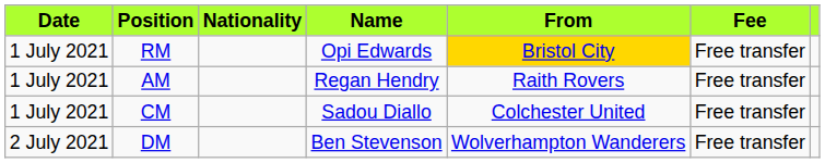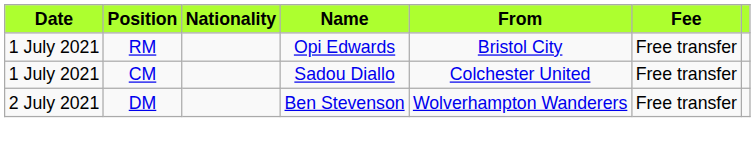 <table class="wikitable"  style="text-align:center; font-size:90%; ">
 <tr>
 <th style="background:#ADFF2F;color:black;">Date</th>
 <th style="background:#ADFF2F;color:black;">Position</th>
 <th style="background:#ADFF2F;color:black;">Nationality</th>
 <th style="background:#ADFF2F;color:black;">Name</th>
 <th style="background:#ADFF2F;color:black;">From</th>
 <th style="background:#ADFF2F;color:black;">Fee</th>
 <th style="background:#ADFF2F;color:black;"></th>
 </tr>
 <tr>
 <td>1 July 2021</td>
 <td><a href='#'>RM</a></td>
 <td></td>
 <td><a href='#'>Opi Edwards</a></td>
-<td style="background: gold;"> <a href='#'>Bristol City</a></td>
-<td>Free transfer</td>
-<td></td>
-</tr>
-<tr>
-<td>1 July 2021</td>
-<td><a href='#'>AM</a></td>
-<td></td>
-<td><a href='#'>Regan Hendry</a></td>
-<td> <a href='#'>Raith Rovers</a></td>
+<td> <a href='#'>Bristol City</a></td>
 <td>Free transfer</td>
 <td></td>
 </tr>
 <tr>
 <td>1 July 2021</td>
 <td><a href='#'>CM</a></td>
 <td></td>
 <td><a href='#'>Sadou Diallo</a></td>
 <td> <a href='#'>Colchester United</a></td>
 <td>Free transfer</td>
 <td></td>
 </tr>
 <tr>
 <td>2 July 2021</td>
 <td><a href='#'>DM</a></td>
 <td></td>
 <td><a href='#'>Ben Stevenson</a></td>
 <td> <a href='#'>Wolverhampton Wanderers</a></td>
 <td>Free transfer</td>
 <td></td>
 </tr>
 </table>
